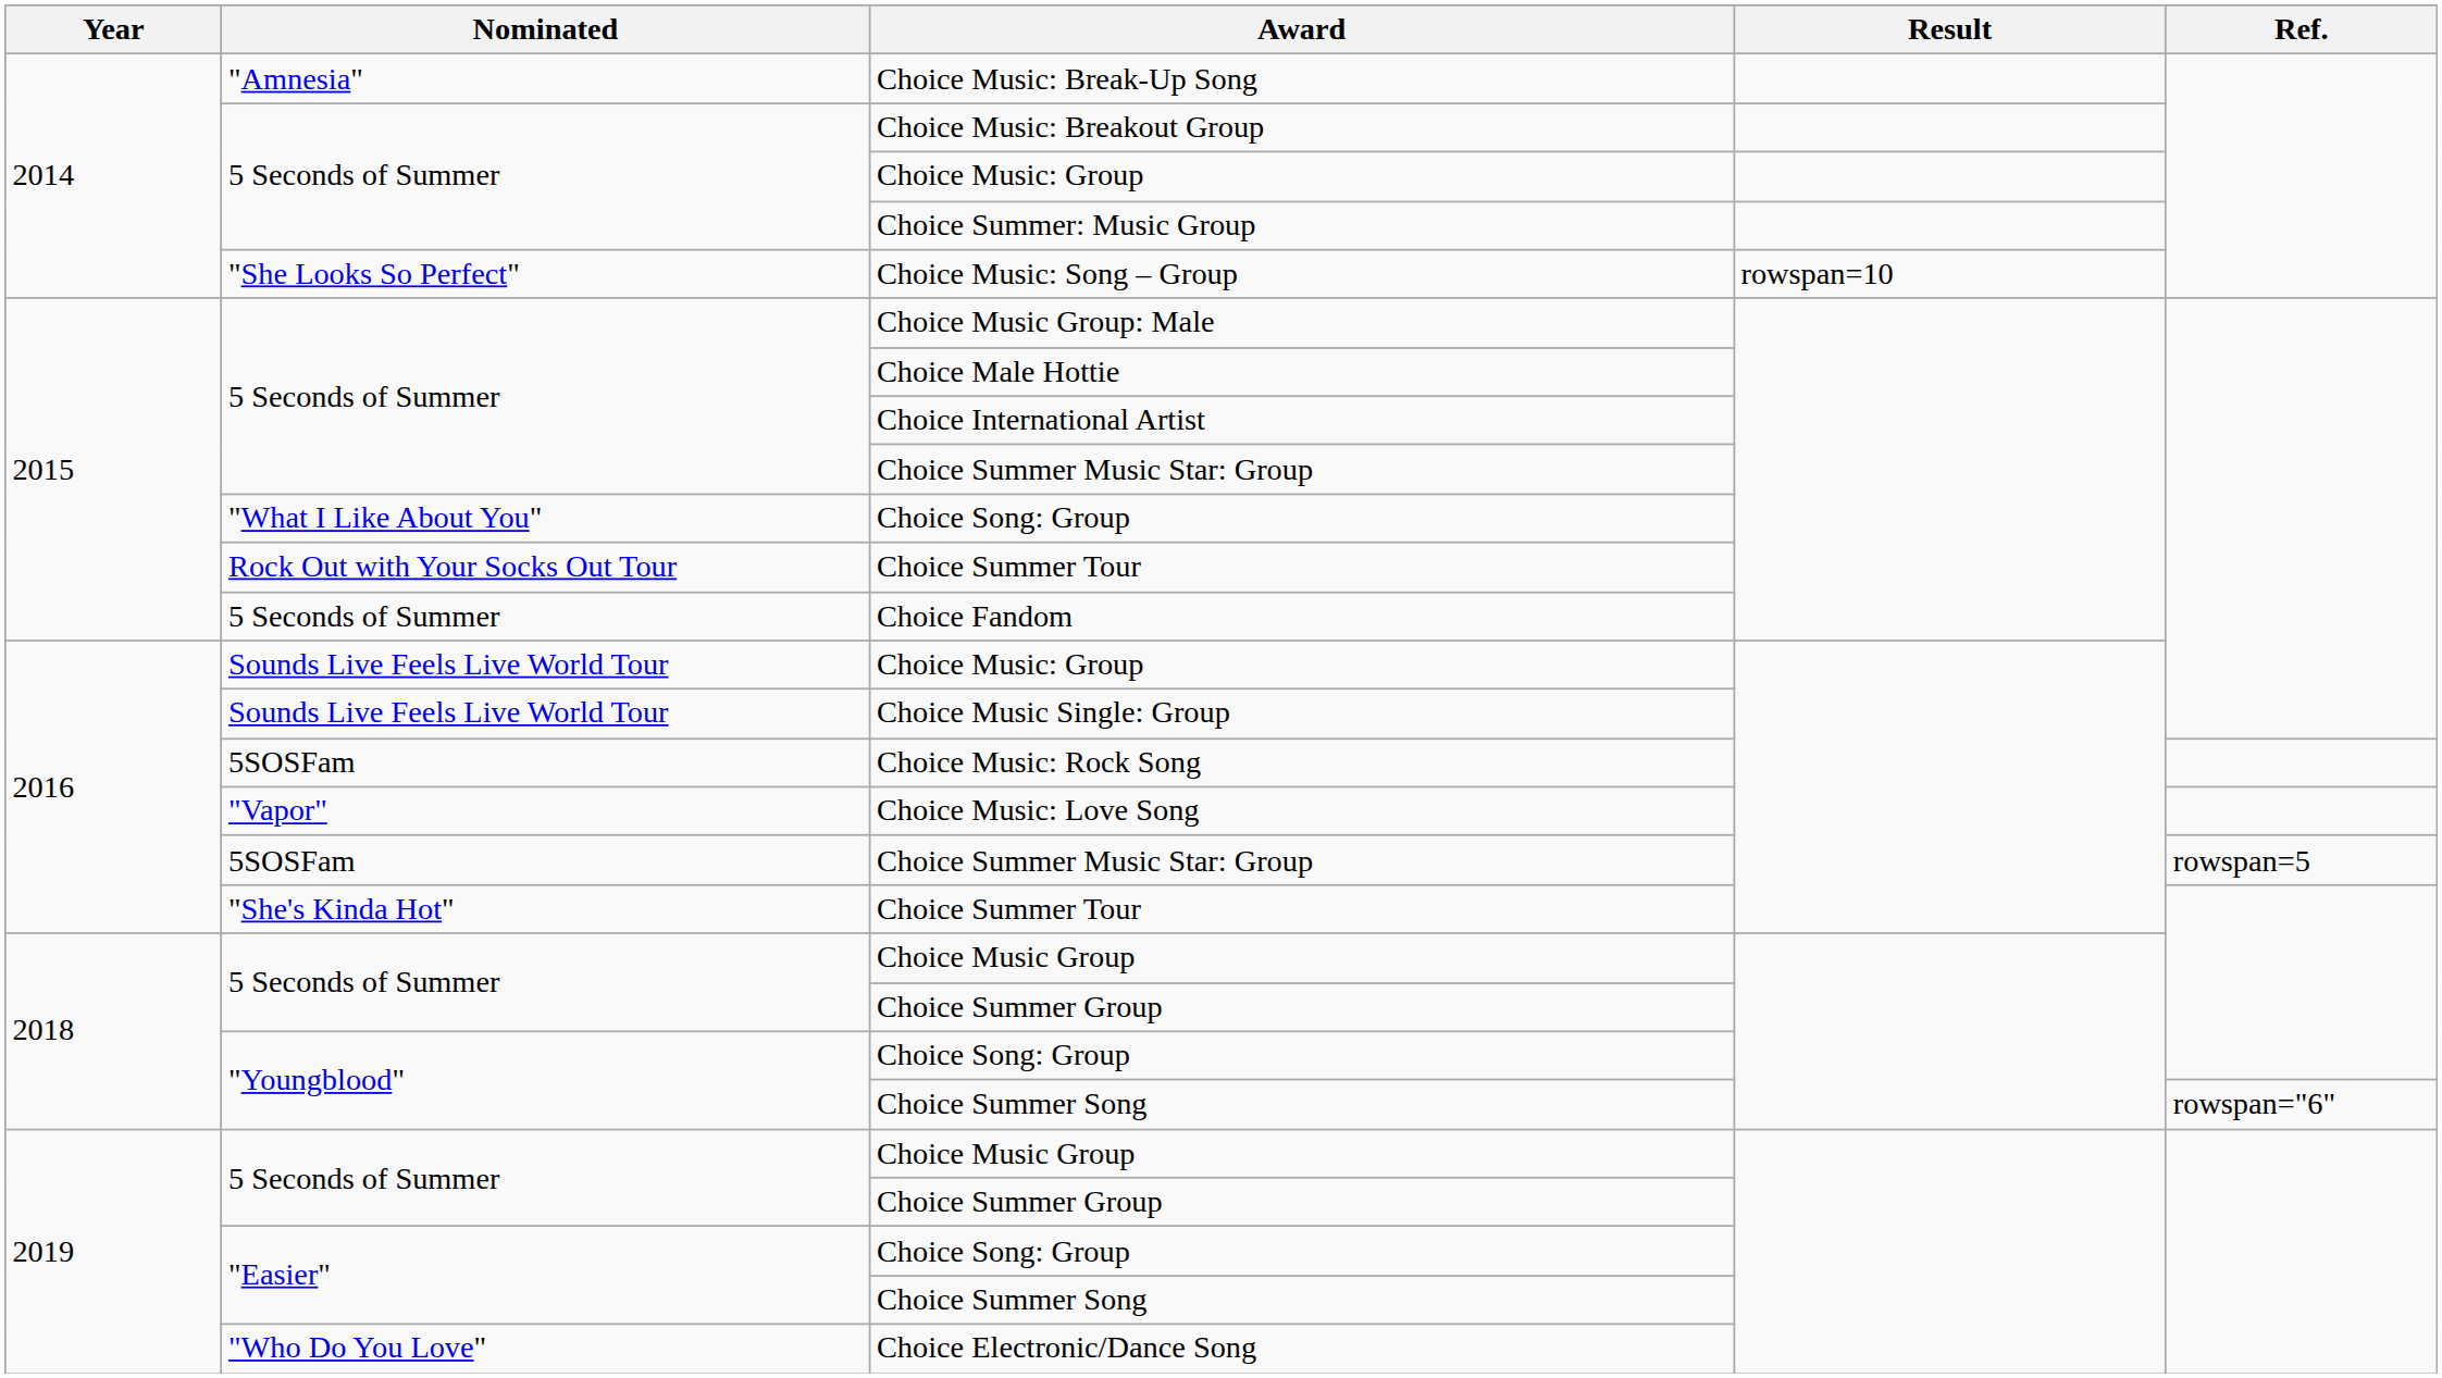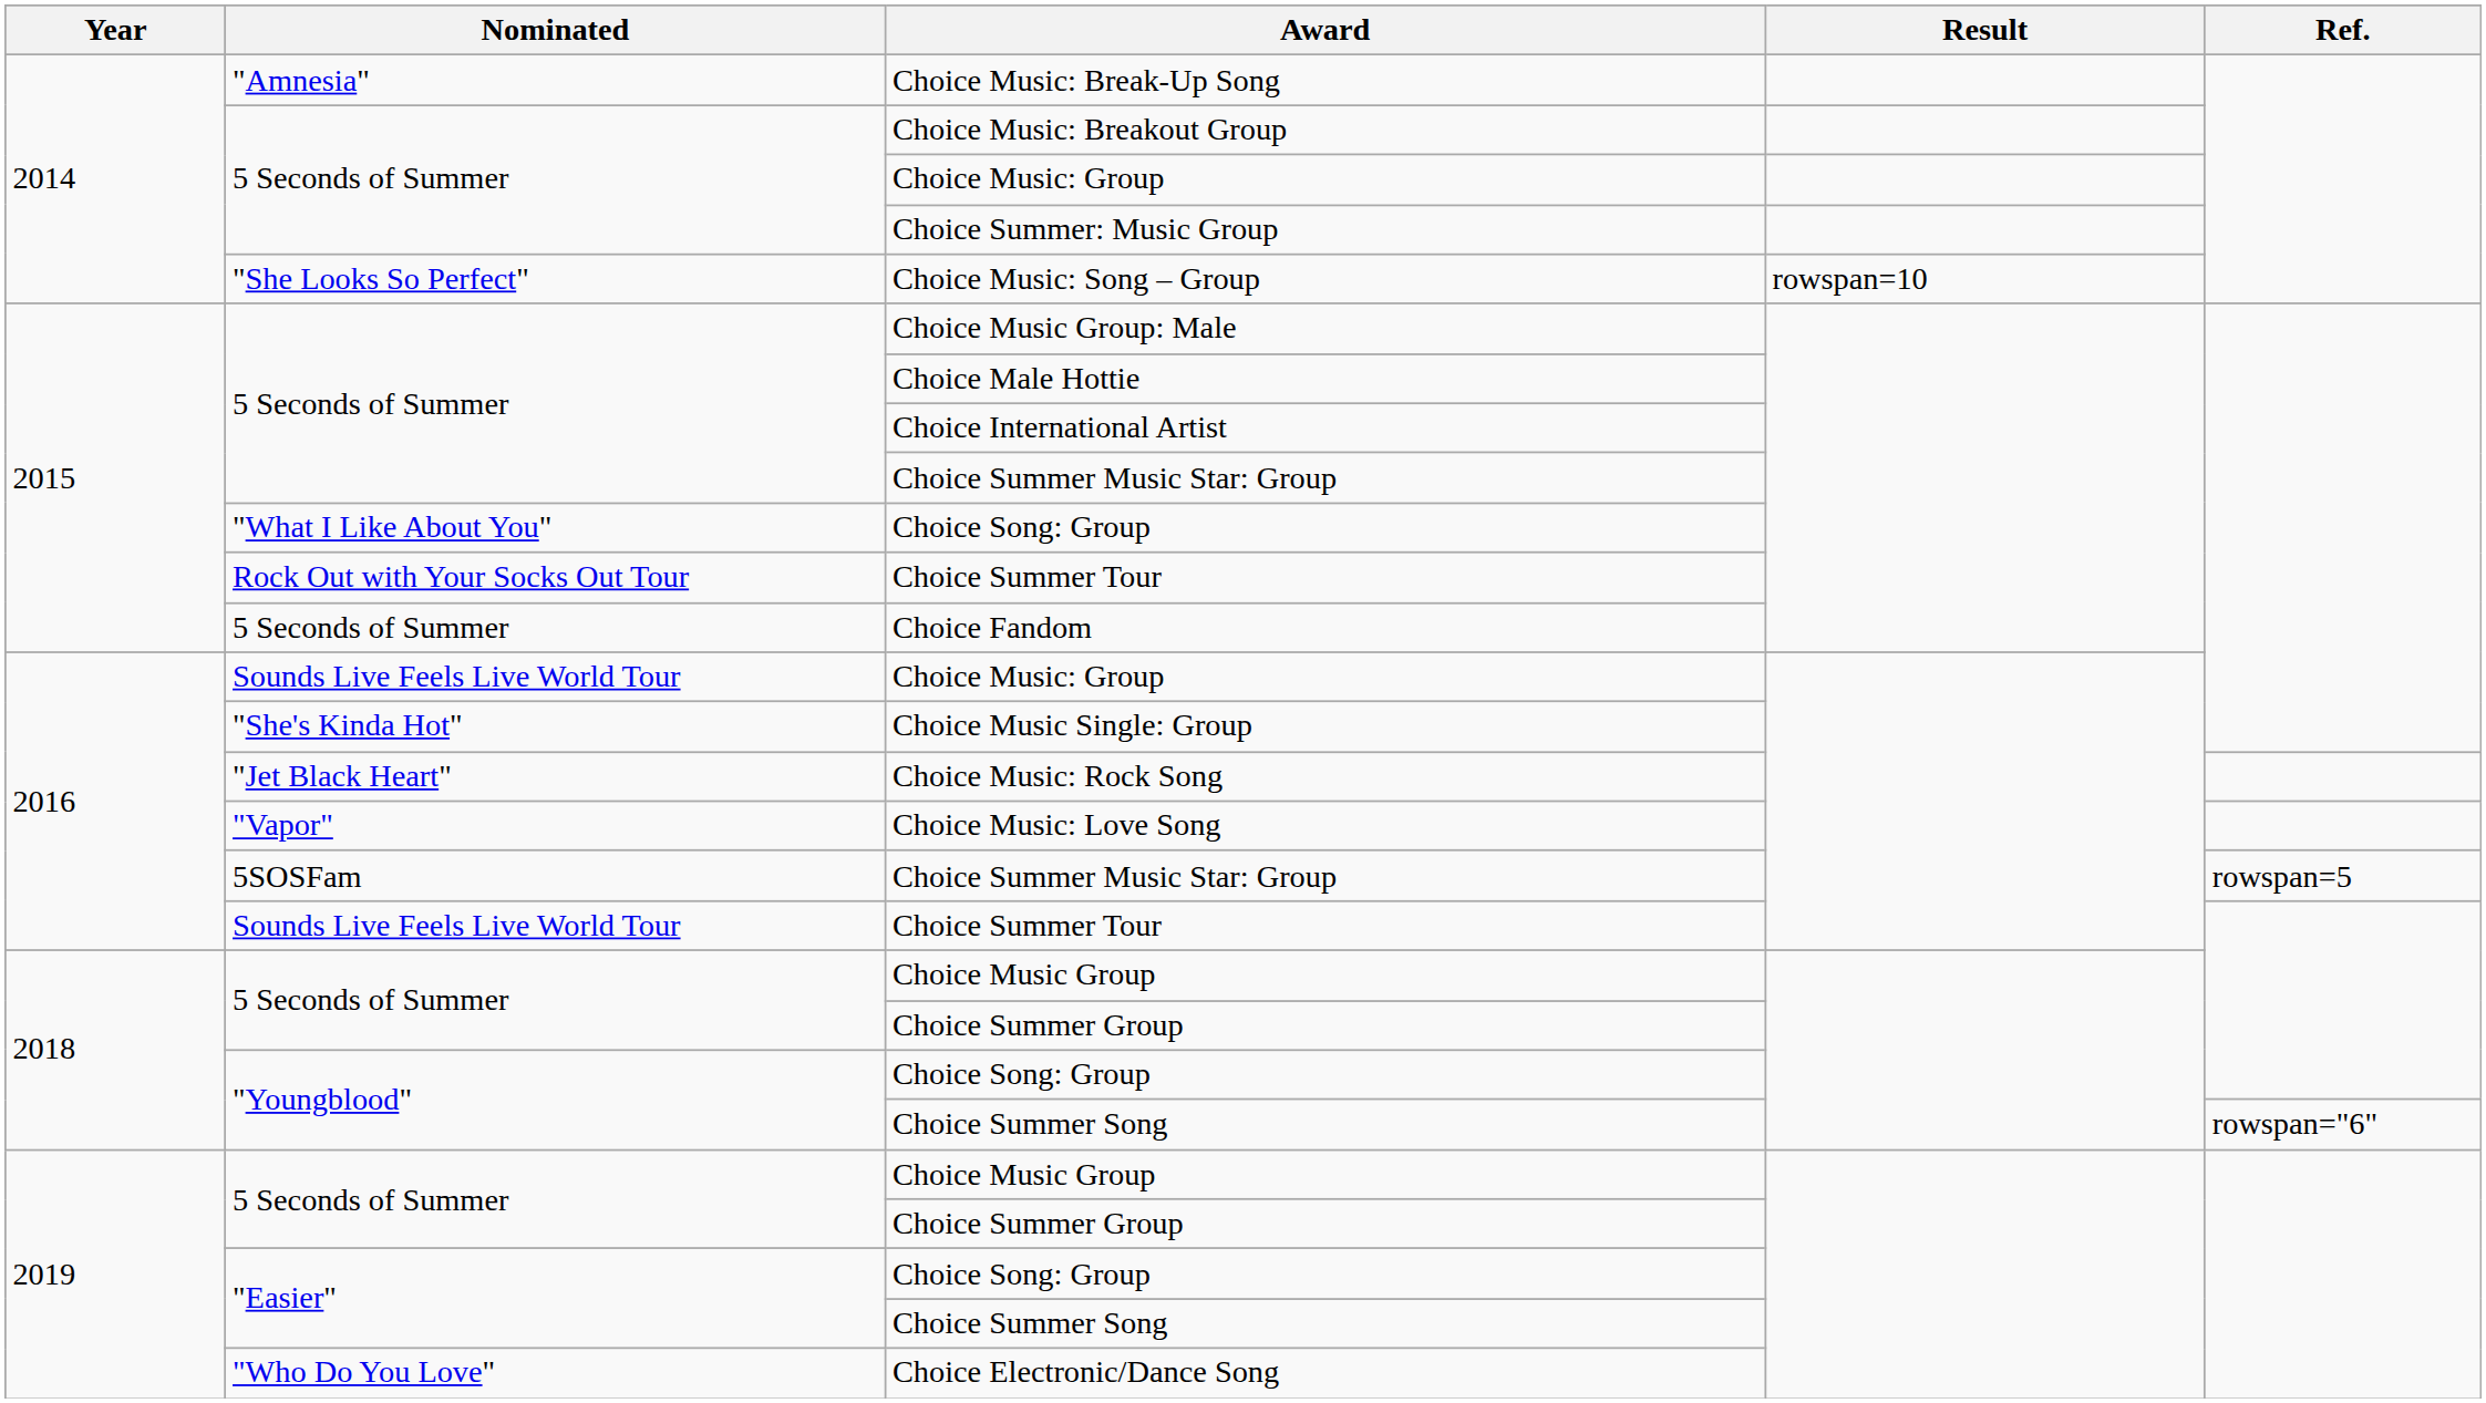 <table class="wikitable" style="width:100%;">
 <tr>
 <th width=5%>Year</th>
 <th style="width:15%;">Nominated</th>
 <th style="width:20%;">Award</th>
 <th style="width:10%;">Result</th>
 <th style="width:5%;">Ref.</th>
 </tr>
 <tr>
 <td rowspan="5">2014</td>
 <td>"<a href='#'>Amnesia</a>"</td>
 <td>Choice Music: Break-Up Song</td>
 <td></td>
 <td rowspan="5"></td>
 </tr>
 <tr>
 <td rowspan="3">5 Seconds of Summer</td>
 <td>Choice Music: Breakout Group</td>
 <td></td>
 </tr>
 <tr>
 <td>Choice Music: Group</td>
 <td></td>
 </tr>
 <tr>
 <td>Choice Summer: Music Group</td>
 <td></td>
 </tr>
 <tr>
 <td>"<a href='#'>She Looks So Perfect</a>"</td>
 <td>Choice Music: Song – Group</td>
 <td>rowspan=10 </td>
 </tr>
 <tr>
 <td rowspan="7">2015</td>
 <td rowspan="4">5 Seconds of Summer</td>
 <td>Choice Music Group: Male</td>
 <td rowspan="7"></td>
 </tr>
 <tr>
 <td>Choice Male Hottie</td>
 </tr>
 <tr>
 <td>Choice International Artist</td>
 </tr>
 <tr>
 <td>Choice Summer Music Star: Group</td>
 </tr>
 <tr>
 <td>"<a href='#'>What I Like About You</a>"</td>
 <td>Choice Song: Group</td>
 </tr>
 <tr>
 <td><a href='#'>Rock Out with Your Socks Out Tour</a></td>
 <td>Choice Summer Tour</td>
 </tr>
 <tr>
 <td>5 Seconds of Summer</td>
 <td>Choice Fandom</td>
 </tr>
 <tr>
 <td rowspan="6">2016</td>
 <td><a href='#'>Sounds Live Feels Live World Tour</a></td>
 <td>Choice Music: Group</td>
 <td rowspan="6"></td>
 </tr>
 <tr>
-<td><a href='#'>Sounds Live Feels Live World Tour</a></td>
+<td>"<a href='#'>She's Kinda Hot</a>"</td>
 <td>Choice Music Single: Group</td>
 </tr>
 <tr>
-<td>5SOSFam</td>
+<td>"<a href='#'>Jet Black Heart</a>"</td>
 <td>Choice Music: Rock Song</td>
 <td></td>
 </tr>
 <tr>
 <td><a href='#'>"Vapor"</a></td>
 <td>Choice Music: Love Song</td>
 <td></td>
 </tr>
 <tr>
 <td>5SOSFam</td>
 <td>Choice Summer Music Star: Group</td>
 <td>rowspan=5 </td>
 </tr>
 <tr>
-<td>"<a href='#'>She's Kinda Hot</a>"</td>
+<td><a href='#'>Sounds Live Feels Live World Tour</a></td>
 <td>Choice Summer Tour</td>
 </tr>
 <tr>
 <td rowspan="4">2018</td>
 <td rowspan="2">5 Seconds of Summer</td>
 <td>Choice Music Group</td>
 <td rowspan="4"></td>
 </tr>
 <tr>
 <td>Choice Summer Group</td>
 </tr>
 <tr>
 <td rowspan="2">"<a href='#'>Youngblood</a>"</td>
 <td>Choice Song: Group</td>
 </tr>
 <tr>
 <td>Choice Summer Song</td>
 <td>rowspan="6" </td>
 </tr>
 <tr>
 <td rowspan="5">2019</td>
 <td rowspan="2">5 Seconds of Summer</td>
 <td>Choice Music Group</td>
 <td rowspan="5"></td>
 </tr>
 <tr>
 <td>Choice Summer Group</td>
 </tr>
 <tr>
 <td rowspan="2">"<a href='#'>Easier</a>"</td>
 <td>Choice Song: Group</td>
 </tr>
 <tr>
 <td>Choice Summer Song</td>
 </tr>
 <tr>
 <td rowspan="1"><a href='#'>"Who Do You Love</a>"</td>
 <td>Choice Electronic/Dance Song</td>
 </tr>
 </table>
